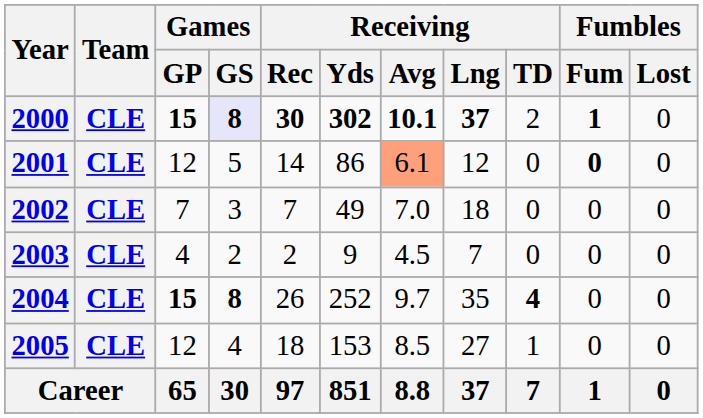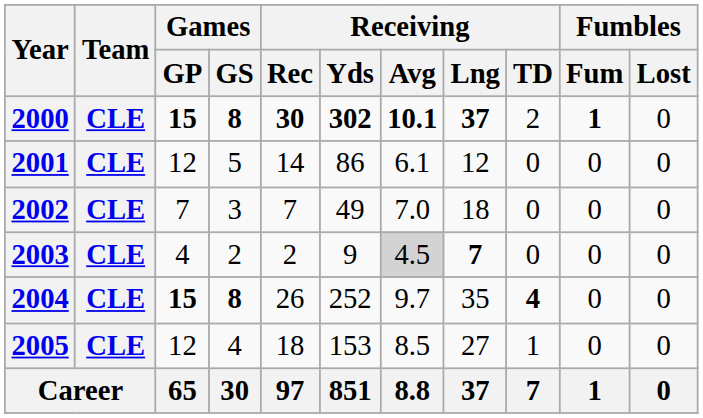 <table class="wikitable" style="text-align: center;">
 <tr>
 <th rowspan="2">Year</th>
 <th rowspan="2">Team</th>
 <th colspan="2">Games</th>
 <th colspan="5">Receiving</th>
 <th colspan="2">Fumbles</th>
 </tr>
 <tr>
 <th>GP</th>
 <th>GS</th>
 <th>Rec</th>
 <th>Yds</th>
 <th>Avg</th>
 <th>Lng</th>
 <th>TD</th>
 <th>Fum</th>
 <th>Lost</th>
 </tr>
 <tr>
 <th><a href='#'>2000</a></th>
 <th><a href='#'>CLE</a></th>
 <td><strong>15</strong></td>
-<td style="background: lavender;"><strong>8</strong></td>
+<td><strong>8</strong></td>
 <td><strong>30</strong></td>
 <td><strong>302</strong></td>
 <td><strong>10.1</strong></td>
 <td><strong>37</strong></td>
 <td>2</td>
 <td><strong>1</strong></td>
 <td>0</td>
 </tr>
 <tr>
 <th><a href='#'>2001</a></th>
 <th><a href='#'>CLE</a></th>
 <td>12</td>
 <td>5</td>
 <td>14</td>
 <td>86</td>
-<td style="background: lightsalmon;">6.1</td>
+<td>6.1</td>
 <td>12</td>
 <td>0</td>
-<td><strong>0</strong></td>
+<td>0</td>
 <td>0</td>
 </tr>
 <tr>
 <th><a href='#'>2002</a></th>
 <th><a href='#'>CLE</a></th>
 <td>7</td>
 <td>3</td>
 <td>7</td>
 <td>49</td>
 <td>7.0</td>
 <td>18</td>
 <td>0</td>
 <td>0</td>
 <td>0</td>
 </tr>
 <tr>
 <th><a href='#'>2003</a></th>
 <th><a href='#'>CLE</a></th>
 <td>4</td>
 <td>2</td>
 <td>2</td>
 <td>9</td>
-<td>4.5</td>
-<td>7</td>
+<td style="background: lightgrey;">4.5</td>
+<td><strong>7</strong></td>
 <td>0</td>
 <td>0</td>
 <td>0</td>
 </tr>
 <tr>
 <th><a href='#'>2004</a></th>
 <th><a href='#'>CLE</a></th>
 <td><strong>15</strong></td>
 <td><strong>8</strong></td>
 <td>26</td>
 <td>252</td>
 <td>9.7</td>
 <td>35</td>
 <td><strong>4</strong></td>
 <td>0</td>
 <td>0</td>
 </tr>
 <tr>
 <th><a href='#'>2005</a></th>
 <th><a href='#'>CLE</a></th>
 <td>12</td>
 <td>4</td>
 <td>18</td>
 <td>153</td>
 <td>8.5</td>
 <td>27</td>
 <td>1</td>
 <td>0</td>
 <td>0</td>
 </tr>
 <tr>
 <th colspan="2">Career</th>
 <th>65</th>
 <th>30</th>
 <th>97</th>
 <th>851</th>
 <th>8.8</th>
 <th>37</th>
 <th>7</th>
 <th>1</th>
 <th>0</th>
 </tr>
 </table>
